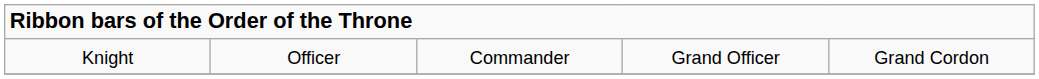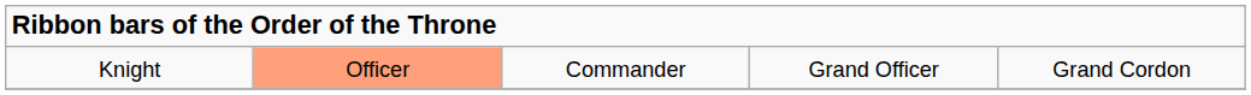 <table align=center class=wikitable width=60%>
 <tr>
 <td colspan=5><strong>Ribbon bars of the Order of the Throne</strong></td>
 </tr>
 <tr>
 <td width=20% valign=top align=center><small>Knight</small></td>
-<td width=20% valign=top align=center><small>Officer</small></td>
+<td width=20% valign=top align=center style="background: lightsalmon;"><small>Officer</small></td>
 <td width=20% valign=top align=center><small>Commander</small></td>
 <td width=20% valign=top align=center><small>Grand Officer</small></td>
 <td width=20% valign=top align=center><small>Grand Cordon</small></td>
 </tr>
 <tr>
 </tr>
 </table>
